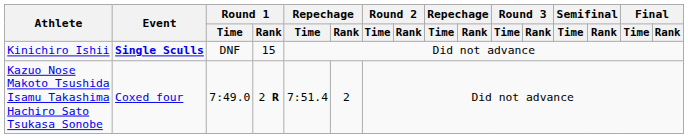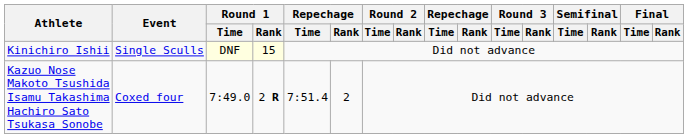 <table class="wikitable" style="font-size:90%">
 <tr>
 <th rowspan="2">Athlete</th>
 <th rowspan="2">Event</th>
 <th colspan="2">Round 1</th>
 <th colspan="2">Repechage</th>
 <th colspan="2">Round 2</th>
 <th colspan="2">Repechage</th>
 <th colspan="2">Round 3</th>
 <th colspan="2">Semifinal</th>
 <th colspan="2">Final</th>
 </tr>
 <tr style="font-size:95%">
 <th>Time</th>
 <th>Rank</th>
 <th>Time</th>
 <th>Rank</th>
 <th>Time</th>
 <th>Rank</th>
 <th>Time</th>
 <th>Rank</th>
 <th>Time</th>
 <th>Rank</th>
 <th>Time</th>
 <th>Rank</th>
 <th>Time</th>
 <th>Rank</th>
 </tr>
 <tr align=center>
 <td align=left><a href='#'>Kinichiro Ishii</a></td>
-<td align=left><strong><a href='#'>Single Sculls</a></strong></td>
-<td>DNF</td>
-<td>15</td>
+<td align=left><a href='#'>Single Sculls</a></td>
+<td style="background: lightyellow;">DNF</td>
+<td style="background: lightyellow;">15</td>
 <td colspan=16 align=center>Did not advance</td>
 </tr>
 <tr align=center>
 <td align=left><a href='#'>Kazuo Nose</a><br><a href='#'>Makoto Tsushida</a><br><a href='#'>Isamu Takashima</a><br><a href='#'>Hachiro Sato</a><br><a href='#'>Tsukasa Sonobe</a></td>
 <td align=left><a href='#'>Coxed four</a></td>
 <td>7:49.0</td>
 <td>2 <strong>R</strong></td>
 <td>7:51.4</td>
 <td>2</td>
 <td colspan=12 align=center>Did not advance</td>
 </tr>
 </table>
